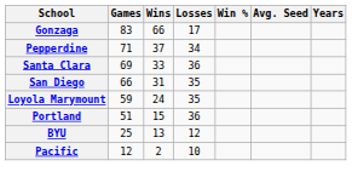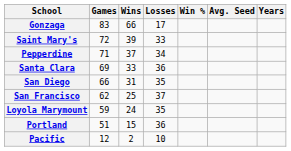 <table class="wikitable sortable" style="text-align:center;font-size:90%">
 <tr>
 <th width=px>School</th>
 <th width=px>Games</th>
 <th width=px>Wins</th>
 <th width=px>Losses</th>
 <th width=px>Win %</th>
 <th width=px>Avg. Seed</th>
 <th width=px>Years</th>
 </tr>
 <tr>
 <th><a href='#'>Gonzaga</a></th>
 <td>83</td>
 <td>66</td>
 <td>17</td>
+<td></td>
+<td> </td>
+<td> </td>
+</tr>
+<tr>
+<th><a href='#'>Saint Mary's</a></th>
+<td>72</td>
+<td>39</td>
+<td>33</td>
 <td></td>
 <td> </td>
 <td> </td>
 </tr>
 <tr>
 <th><a href='#'>Pepperdine</a></th>
 <td>71</td>
 <td>37</td>
 <td>34</td>
 <td></td>
 <td> </td>
 <td> </td>
 </tr>
 <tr>
 <th><a href='#'>Santa Clara</a></th>
 <td>69</td>
 <td>33</td>
 <td>36</td>
 <td></td>
 <td> </td>
 <td> </td>
 </tr>
 <tr>
 <th><a href='#'>San Diego</a></th>
 <td>66</td>
 <td>31</td>
 <td>35</td>
 <td></td>
 <td> </td>
 <td> </td>
 </tr>
 <tr>
+<th><a href='#'>San Francisco</a></th>
+<td>62</td>
+<td>25</td>
+<td>37</td>
+<td></td>
+<td> </td>
+<td> </td>
+</tr>
+<tr>
 <th><a href='#'>Loyola Marymount</a></th>
 <td>59</td>
 <td>24</td>
 <td>35</td>
 <td></td>
 <td> </td>
 <td> </td>
 </tr>
 <tr>
 <th><a href='#'>Portland</a></th>
 <td>51</td>
 <td>15</td>
 <td>36</td>
 <td></td>
 <td> </td>
 <td> </td>
 </tr>
 <tr>
-<th><a href='#'>BYU</a></th>
-<td>25</td>
-<td>13</td>
-<td>12</td>
-<td></td>
-<td> </td>
-<td> </td>
-</tr>
-<tr>
 <th><a href='#'>Pacific</a></th>
 <td>12</td>
 <td>2</td>
 <td>10</td>
 <td></td>
 <td> </td>
 <td> </td>
 </tr>
 </table>
